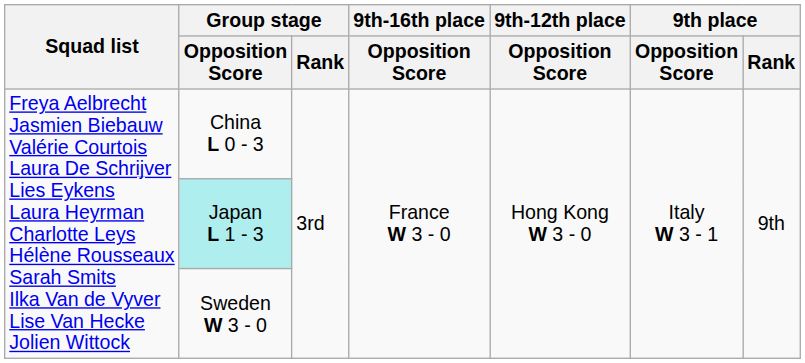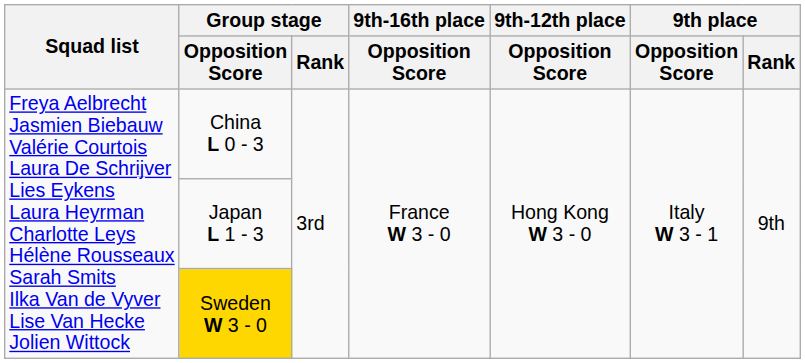 <table class=wikitable style="font-size:90%">
 <tr>
 <th rowspan="2">Squad list</th>
 <th colspan="2">Group stage</th>
 <th>9th-16th place</th>
 <th>9th-12th place</th>
 <th colspan="2">9th place</th>
 </tr>
 <tr>
 <th>Opposition<br>Score</th>
 <th>Rank</th>
 <th>Opposition<br>Score</th>
 <th>Opposition<br>Score</th>
 <th>Opposition<br>Score</th>
 <th>Rank</th>
 </tr>
 <tr>
 <td rowspan="3"><a href='#'>Freya Aelbrecht</a><br><a href='#'>Jasmien Biebauw</a><br><a href='#'>Valérie Courtois</a><br><a href='#'>Laura De Schrijver</a><br><a href='#'>Lies Eykens</a><br><a href='#'>Laura Heyrman</a><br><a href='#'>Charlotte Leys</a><br><a href='#'>Hélène Rousseaux</a><br><a href='#'>Sarah Smits</a><br><a href='#'>Ilka Van de Vyver</a><br><a href='#'>Lise Van Hecke</a><br><a href='#'>Jolien Wittock</a></td>
 <td align=center> China<br> <strong>L</strong> 0 - 3</td>
 <td rowspan="3">3rd</td>
 <td rowspan="3" align=center> France<br> <strong>W</strong> 3 - 0</td>
 <td rowspan="3" align=center> Hong Kong<br> <strong>W</strong> 3 - 0</td>
 <td rowspan="3" align=center> Italy<br> <strong>W</strong> 3 - 1</td>
 <td rowspan="3" align=center>9th</td>
 </tr>
 <tr>
-<td align=center style="background: paleturquoise;"> Japan<br> <strong>L</strong> 1 - 3</td>
+<td align=center> Japan<br> <strong>L</strong> 1 - 3</td>
 </tr>
 <tr>
-<td align=center> Sweden<br> <strong>W</strong> 3 - 0</td>
+<td align=center style="background: gold;"> Sweden<br> <strong>W</strong> 3 - 0</td>
 </tr>
 </table>
